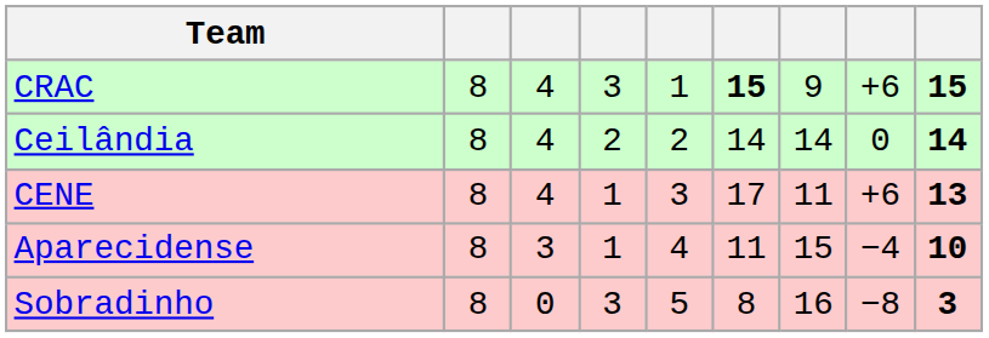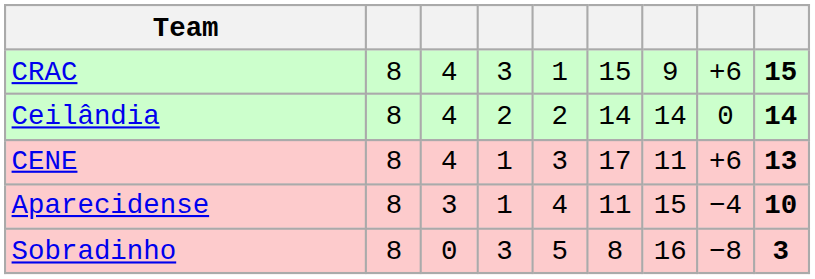 <table class="wikitable" style="text-align: center;">
 <tr>
 <th width=165>Team</th>
 <th width=20></th>
 <th width=20></th>
 <th width=20></th>
 <th width=20></th>
 <th width=20></th>
 <th width=20></th>
 <th width=20></th>
 <th width=20></th>
 </tr>
 <tr bgcolor=#ccffcc>
 <td align=left> <a href='#'>CRAC</a></td>
 <td>8</td>
 <td>4</td>
 <td>3</td>
 <td>1</td>
-<td><strong>15</strong></td>
+<td>15</td>
 <td>9</td>
 <td>+6</td>
 <td><strong>15 </strong></td>
 </tr>
 <tr bgcolor=#ccffcc>
 <td align=left> <a href='#'>Ceilândia</a></td>
 <td>8</td>
 <td>4</td>
 <td>2</td>
 <td>2</td>
 <td>14</td>
 <td>14</td>
 <td>0</td>
 <td><strong>14 </strong></td>
 </tr>
 <tr bgcolor=#FDCBCC>
 <td align=left> <a href='#'>CENE</a></td>
 <td>8</td>
 <td>4</td>
 <td>1</td>
 <td>3</td>
 <td>17</td>
 <td>11</td>
 <td>+6</td>
 <td><strong>13 </strong></td>
 </tr>
 <tr bgcolor=#FDCBCC>
 <td align=left> <a href='#'>Aparecidense</a></td>
 <td>8</td>
 <td>3</td>
 <td>1</td>
 <td>4</td>
 <td>11</td>
 <td>15</td>
 <td>−4</td>
 <td><strong>10 </strong></td>
 </tr>
 <tr bgcolor=#FDCBCC>
 <td align=left> <a href='#'>Sobradinho</a></td>
 <td>8</td>
 <td>0</td>
 <td>3</td>
 <td>5</td>
 <td>8</td>
 <td>16</td>
 <td>−8</td>
 <td><strong>3 </strong></td>
 </tr>
 </table>
